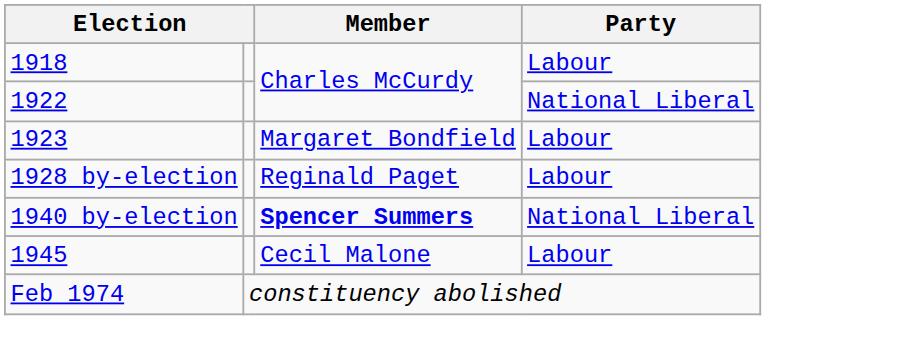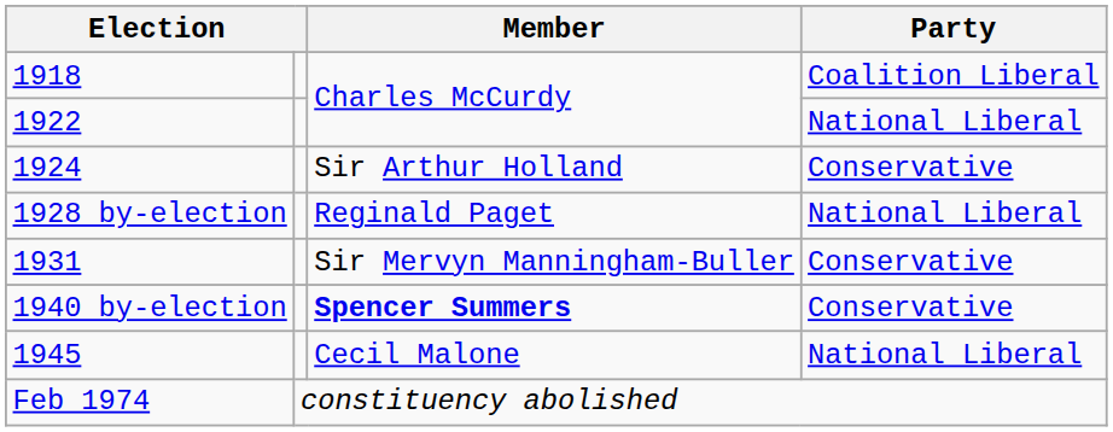 <table class="wikitable">
 <tr>
 <th colspan="2">Election</th>
 <th>Member</th>
 <th>Party</th>
 </tr>
 <tr>
 <td><a href='#'>1918</a></td>
 <td style="color:inherit;background-color: "></td>
 <td rowspan="2"><a href='#'>Charles McCurdy</a></td>
-<td><a href='#'>Labour</a></td>
+<td><a href='#'>Coalition Liberal</a></td>
 </tr>
 <tr>
 <td><a href='#'>1922</a></td>
 <td style="color:inherit;background-color: "></td>
 <td><a href='#'>National Liberal</a></td>
 </tr>
 <tr>
-<td><a href='#'>1923</a></td>
+<td><a href='#'>1924</a></td>
 <td style="color:inherit;background-color: "></td>
-<td><a href='#'>Margaret Bondfield</a></td>
-<td><a href='#'>Labour</a></td>
+<td>Sir <a href='#'>Arthur Holland</a></td>
+<td><a href='#'>Conservative</a></td>
 </tr>
 <tr>
 <td><a href='#'>1928 by-election</a></td>
 <td style="color:inherit;background-color: "></td>
 <td><a href='#'>Reginald Paget</a></td>
-<td><a href='#'>Labour</a></td>
+<td><a href='#'>National Liberal</a></td>
+</tr>
+<tr>
+<td><a href='#'>1931</a></td>
+<td style="color:inherit;background-color: "></td>
+<td>Sir <a href='#'>Mervyn Manningham-Buller</a></td>
+<td><a href='#'>Conservative</a></td>
 </tr>
 <tr>
 <td><a href='#'>1940 by-election</a></td>
 <td style="color:inherit;background-color: "></td>
 <td><strong><a href='#'>Spencer Summers</a></strong></td>
-<td><a href='#'>National Liberal</a></td>
+<td><a href='#'>Conservative</a></td>
 </tr>
 <tr>
 <td><a href='#'>1945</a></td>
 <td style="color:inherit;background-color: "></td>
 <td><a href='#'>Cecil Malone</a></td>
-<td><a href='#'>Labour</a></td>
+<td><a href='#'>National Liberal</a></td>
 </tr>
 <tr>
 <td><a href='#'>Feb 1974</a></td>
 <td colspan="3"><em>constituency abolished</em></td>
 </tr>
 </table>
